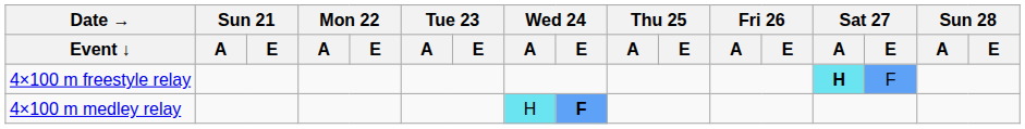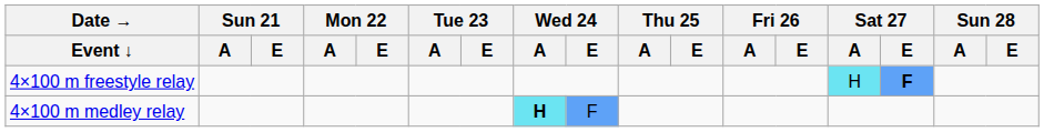 <table class="wikitable" style="margin:0.5em auto; font-size:95%; line-height:1.25em;">
 <tr style="text-align:center;">
 <th>Date →</th>
 <th colspan="2">Sun 21</th>
 <th colspan="2">Mon 22</th>
 <th colspan="2">Tue 23</th>
 <th colspan="2">Wed 24</th>
 <th colspan="2">Thu 25</th>
 <th colspan="2">Fri 26</th>
 <th colspan="2">Sat 27</th>
 <th colspan="2">Sun 28</th>
 </tr>
 <tr>
 <th>Event   ↓</th>
 <th style="width:2.5em;">A</th>
 <th style="width:2.5em;">E</th>
 <th style="width:2.5em;">A</th>
 <th style="width:2.5em;">E</th>
 <th style="width:2.5em;">A</th>
 <th style="width:2.5em;">E</th>
 <th style="width:2.5em;">A</th>
 <th style="width:2.5em;">E</th>
 <th style="width:2.5em;">A</th>
 <th style="width:2.5em;">E</th>
 <th style="width:2.5em;">A</th>
 <th style="width:2.5em;">E</th>
 <th style="width:2.5em;">A</th>
 <th style="width:2.5em;">E</th>
 <th style="width:2.5em;">A</th>
 <th style="width:2.5em;">E</th>
 </tr>
 <tr style="text-align:center;">
 <td style="text-align:left;"><a href='#'>4×100 m freestyle relay</a></td>
 <td colspan="2"></td>
 <td colspan="2"></td>
 <td colspan="2"></td>
 <td colspan="2"></td>
 <td colspan="2"></td>
 <td colspan="2"></td>
-<td style="background-color:#6be4f2;"><strong>H</strong></td>
-<td style="background-color:#5ea2f7;">F</td>
+<td style="background-color:#6be4f2;">H</td>
+<td style="background-color:#5ea2f7;"><strong>F</strong></td>
 <td colspan="2"></td>
 </tr>
 <tr style="text-align:center;">
 <td style="text-align:left;"><a href='#'>4×100 m medley relay</a></td>
 <td colspan="2"></td>
 <td colspan="2"></td>
 <td colspan="2"></td>
-<td style="background-color:#6be4f2;">H</td>
-<td style="background-color:#5ea2f7;"><strong>F</strong></td>
+<td style="background-color:#6be4f2;"><strong>H</strong></td>
+<td style="background-color:#5ea2f7;">F</td>
 <td colspan="2"></td>
 <td colspan="2"></td>
 <td colspan="2"></td>
 <td colspan="2"></td>
 </tr>
 </table>
